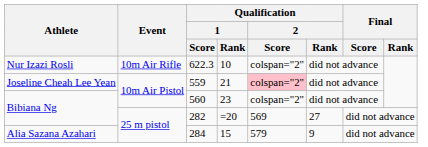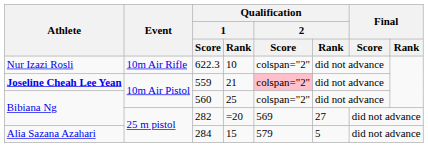 <table class="wikitable">
 <tr>
 <th rowspan="3">Athlete</th>
 <th rowspan="3">Event</th>
 <th colspan="4">Qualification</th>
 <th colspan="2" rowspan="2">Final</th>
 </tr>
 <tr>
 <th colspan="2">1</th>
 <th colspan="2">2</th>
 </tr>
 <tr>
 <th>Score</th>
 <th>Rank</th>
 <th>Score</th>
 <th>Rank</th>
 <th>Score</th>
 <th>Rank</th>
 </tr>
 <tr>
 <td><a href='#'>Nur Izazi Rosli</a></td>
 <td><a href='#'>10m Air Rifle</a></td>
 <td>622.3</td>
 <td>10</td>
 <td>colspan="2"  </td>
 <td colspan="2">did not advance</td>
 </tr>
 <tr>
-<td><a href='#'>Joseline Cheah Lee Yean</a></td>
+<td><strong><a href='#'>Joseline Cheah Lee Yean</a></strong></td>
 <td rowspan="2"><a href='#'>10m Air Pistol</a></td>
 <td>559</td>
 <td>21</td>
 <td style="background: pink;">colspan="2"  </td>
 <td colspan="2">did not advance</td>
 </tr>
 <tr>
 <td rowspan="2"><a href='#'>Bibiana Ng</a></td>
 <td>560</td>
-<td>23</td>
+<td>25</td>
 <td>colspan="2"  </td>
 <td colspan="2">did not advance</td>
 </tr>
 <tr>
 <td rowspan="2"><a href='#'>25 m pistol</a></td>
 <td>282</td>
 <td>=20</td>
 <td>569</td>
 <td>27</td>
 <td colspan="2">did not advance</td>
 </tr>
 <tr>
 <td><a href='#'>Alia Sazana Azahari</a></td>
 <td>284</td>
 <td>15</td>
 <td>579</td>
-<td>9</td>
+<td>5</td>
 <td colspan="2">did not advance</td>
 </tr>
 </table>
